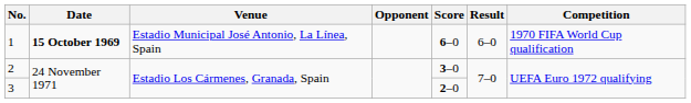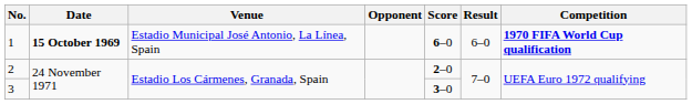 <table class="wikitable plainrowheaders">
 <tr>
 <th>No.</th>
 <th>Date</th>
 <th>Venue</th>
 <th>Opponent</th>
 <th>Score</th>
 <th>Result</th>
 <th>Competition</th>
 </tr>
 <tr>
 <td>1</td>
 <td><strong>15 October 1969</strong></td>
 <td><a href='#'>Estadio Municipal José Antonio</a>, <a href='#'>La Línea</a>, Spain</td>
 <td></td>
 <td align=center><strong>6</strong>–0</td>
 <td align="center">6–0</td>
-<td><a href='#'>1970 FIFA World Cup qualification</a></td>
+<td><strong><a href='#'>1970 FIFA World Cup qualification</a></strong></td>
 </tr>
 <tr>
 <td>2</td>
 <td rowspan=2>24 November 1971</td>
 <td rowspan=2><a href='#'>Estadio Los Cármenes</a>, <a href='#'>Granada</a>, Spain</td>
 <td rowspan=2></td>
-<td align=center><strong>3</strong>–0</td>
+<td align=center><strong>2</strong>–0</td>
 <td rowspan=2 align="center">7–0</td>
 <td rowspan=2><a href='#'>UEFA Euro 1972 qualifying</a></td>
 </tr>
 <tr>
 <td>3</td>
-<td align=center><strong>2</strong>–0</td>
+<td align=center><strong>3</strong>–0</td>
 </tr>
 </table>
